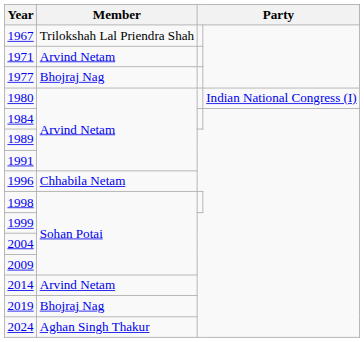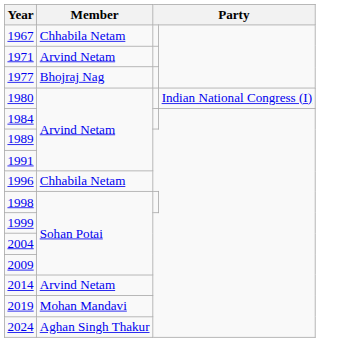 <table class="wikitable">
 <tr>
 <th>Year</th>
 <th>Member</th>
 <th colspan=2>Party</th>
 </tr>
 <tr>
 <td><a href='#'>1967</a></td>
-<td>Trilokshah Lal Priendra Shah</td>
+<td><a href='#'>Chhabila Netam</a></td>
 <td></td>
 </tr>
 <tr>
 <td><a href='#'>1971</a></td>
 <td><a href='#'>Arvind Netam</a></td>
 <td></td>
 </tr>
 <tr>
 <td><a href='#'>1977</a></td>
 <td><a href='#'>Bhojraj Nag</a></td>
 <td></td>
 </tr>
 <tr>
 <td><a href='#'>1980</a></td>
 <td rowspan="4"><a href='#'>Arvind Netam</a></td>
 <td style="background-color: "></td>
 <td><a href='#'>Indian National Congress (I)</a></td>
 </tr>
 <tr>
 <td><a href='#'>1984</a></td>
 <td></td>
 </tr>
 <tr>
 <td><a href='#'>1989</a></td>
 </tr>
 <tr>
 <td><a href='#'>1991</a></td>
 </tr>
 <tr>
 <td><a href='#'>1996</a></td>
 <td><a href='#'>Chhabila Netam</a></td>
 </tr>
 <tr>
 <td><a href='#'>1998</a></td>
 <td rowspan="4"><a href='#'>Sohan Potai</a></td>
 <td></td>
 </tr>
 <tr>
 <td><a href='#'>1999</a></td>
 </tr>
 <tr>
 <td><a href='#'>2004</a></td>
 </tr>
 <tr>
 <td><a href='#'>2009</a></td>
 </tr>
 <tr>
 <td><a href='#'>2014</a></td>
 <td><a href='#'>Arvind Netam</a></td>
 </tr>
 <tr>
 <td><a href='#'>2019</a></td>
-<td><a href='#'>Bhojraj Nag</a></td>
+<td><a href='#'>Mohan Mandavi</a></td>
 </tr>
 <tr>
 <td><a href='#'>2024</a></td>
 <td><a href='#'>Aghan Singh Thakur</a></td>
 </tr>
 </table>
